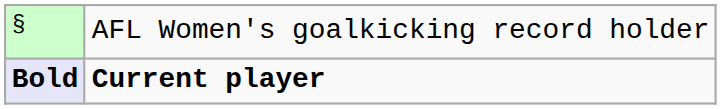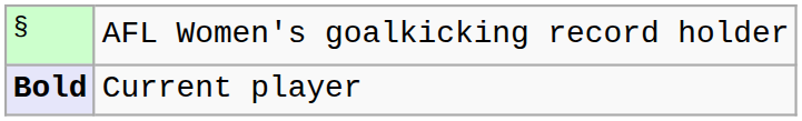 <table class=wikitable>
 <tr>
 <td bgcolor=CCFFCC><sup>§</sup></td>
 <td>AFL Women's goalkicking record holder</td>
 </tr>
 <tr>
 <td bgcolor=E6E6FA><strong>Bold</strong></td>
-<td><strong>Current player</strong></td>
+<td>Current player</td>
 </tr>
 </table>
